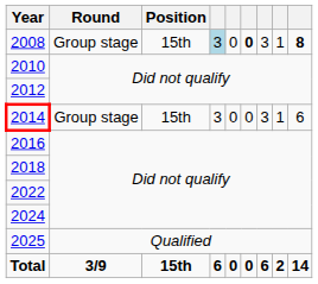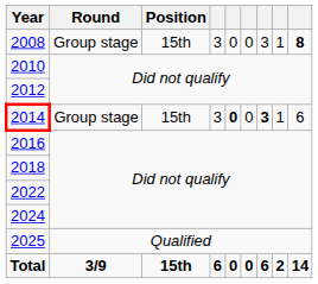 <table class="wikitable" style="text-align: center;">
 <tr>
 <th>Year</th>
 <th>Round</th>
 <th>Position</th>
 <th></th>
 <th></th>
 <th></th>
 <th></th>
 <th></th>
 <th></th>
 </tr>
 <tr>
 <td> <a href='#'>2008</a></td>
 <td>Group stage</td>
 <td>15th</td>
-<td style="background: lightblue;">3</td>
+<td>3</td>
 <td>0</td>
-<td><strong>0</strong></td>
+<td>0</td>
 <td>3</td>
 <td>1</td>
 <td><strong>8</strong></td>
 </tr>
 <tr>
 <td> <a href='#'>2010</a></td>
 <td colspan=8 rowspan=2><em>Did not qualify</em></td>
 </tr>
 <tr>
 <td> <a href='#'>2012</a></td>
 </tr>
 <tr>
 <td style="border: 3px solid red"> <a href='#'>2014</a></td>
 <td>Group stage</td>
 <td>15th</td>
 <td>3</td>
+<td><strong>0</strong></td>
 <td>0</td>
-<td>0</td>
-<td>3</td>
+<td><strong>3</strong></td>
 <td>1</td>
 <td>6</td>
 </tr>
 <tr>
 <td> <a href='#'>2016</a></td>
 <td colspan=8 rowspan=4><em>Did not qualify</em></td>
 </tr>
 <tr>
 <td> <a href='#'>2018</a></td>
 </tr>
 <tr>
 <td> <a href='#'>2022</a></td>
 </tr>
 <tr>
 <td> <a href='#'>2024</a></td>
 </tr>
 <tr>
 <td> <a href='#'>2025</a></td>
 <td colspan=8><em>Qualified</em></td>
 </tr>
 <tr>
 <td><strong>Total</strong></td>
 <td><strong>3/9</strong></td>
 <td><strong>15th</strong></td>
 <td><strong>6</strong></td>
 <td><strong>0</strong></td>
 <td><strong>0</strong></td>
 <td><strong>6</strong></td>
 <td><strong>2</strong></td>
 <td><strong>14</strong></td>
 </tr>
 </table>
